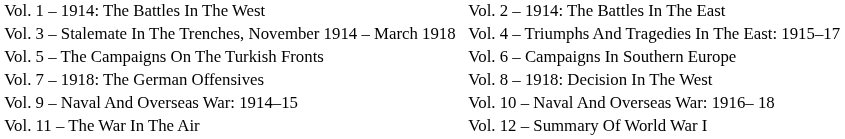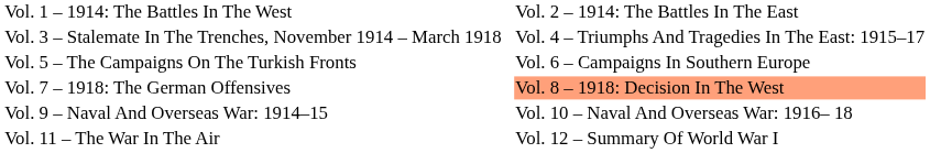 <table align="left">
 <tr>
 <td>Vol. 1 – 1914: The Battles In The West</td>
 <td>Vol. 2 – 1914: The Battles In The East</td>
 </tr>
 <tr>
 <td>Vol. 3 – Stalemate In The Trenches, November 1914 – March 1918  </td>
 <td>Vol. 4 – Triumphs And Tragedies In The East: 1915–17</td>
 </tr>
 <tr>
 <td>Vol. 5 – The Campaigns On The Turkish Fronts</td>
 <td>Vol. 6 – Campaigns In Southern Europe</td>
 </tr>
 <tr>
 <td>Vol. 7 – 1918: The German Offensives</td>
-<td>Vol. 8 – 1918: Decision In The West</td>
+<td style="background: lightsalmon;">Vol. 8 – 1918: Decision In The West</td>
 </tr>
 <tr>
 <td>Vol. 9 – Naval And Overseas War: 1914–15</td>
 <td>Vol. 10 – Naval And Overseas War: 1916– 18</td>
 </tr>
 <tr>
 <td>Vol. 11 – The War In The Air</td>
 <td>Vol. 12 – Summary Of World War I</td>
 </tr>
 </table>
